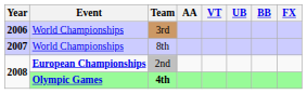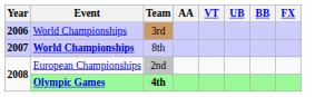 <table class="wikitable" style="text-align:center; font-size: 95%;">
 <tr>
 <th>Year</th>
 <th>Event</th>
 <th style="width:30px;">Team</th>
 <th style="width:30px;">AA</th>
 <th style="width:30px;"><a href='#'>VT</a></th>
 <th style="width:30px;"><a href='#'>UB</a></th>
 <th style="width:30px;"><a href='#'>BB</a></th>
 <th style="width:30px;"><a href='#'>FX</a></th>
 </tr>
 <tr bgcolor=#CCCCFF>
 <td rowspan="1"><strong>2006</strong></td>
 <td align=left><a href='#'>World Championships</a></td>
 <td style="background:#c96;">3rd</td>
 <td></td>
 <td></td>
 <td></td>
 <td></td>
 <td></td>
 </tr>
 <tr bgcolor=#CCCCFF>
 <td rowspan="1"><strong>2007</strong></td>
-<td align=left><a href='#'>World Championships</a></td>
+<td align=left><strong><a href='#'>World Championships</a></strong></td>
 <td>8th</td>
 <td></td>
 <td></td>
 <td></td>
 <td></td>
 <td></td>
 </tr>
 <tr>
 <td rowspan="2"><strong>2008</strong></td>
-<td align=left><strong><a href='#'>European Championships</a></strong></td>
+<td align=left><a href='#'>European Championships</a></td>
 <td style="background:silver;">2nd</td>
 <td></td>
 <td></td>
 <td></td>
 <td></td>
 <td></td>
 </tr>
 <tr bgcolor=98FB98>
 <td align=left><strong><a href='#'>Olympic Games</a></strong></td>
 <td><strong>4th</strong></td>
 <td></td>
 <td></td>
 <td></td>
 <td></td>
 <td></td>
 </tr>
 </table>
